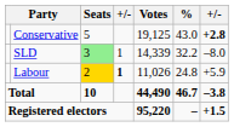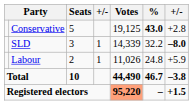 <table class="wikitable sortable">
 <tr>
 <th colspan="2">Party</th>
 <th>Seats</th>
 <th>+/-</th>
 <th>Votes</th>
 <th>%</th>
 <th>+/-</th>
 </tr>
 <tr>
 <td style="background-color: "></td>
 <td><a href='#'>Conservative</a></td>
 <td>5</td>
 <td></td>
 <td style="text-align:right;">19,125</td>
-<td style="text-align:right;">43.0</td>
-<td style="text-align:right;"><strong>+2.8</strong></td>
+<td style="text-align:right;"><strong>43.0</strong></td>
+<td style="text-align:right;">+2.8</td>
 </tr>
 <tr>
 <td style="background-color: "></td>
 <td><a href='#'>SLD</a></td>
-<td style="background: lightgreen;">3</td>
+<td>3</td>
 <td> 1</td>
 <td style="text-align:right;">14,339</td>
 <td style="text-align:right;">32.2</td>
-<td style="text-align:right;">–8.0</td>
+<td style="text-align:right;"><strong>–8.0</strong></td>
 </tr>
 <tr>
 <td style="background-color: "></td>
 <td><a href='#'>Labour</a></td>
-<td style="background: gold;">2</td>
-<td><strong> 1</strong></td>
+<td>2</td>
+<td> 1</td>
 <td style="text-align:right;">11,026</td>
 <td style="text-align:right;">24.8</td>
 <td style="text-align:right;">+5.9</td>
 </tr>
 <tr>
 <td colspan="2"><strong>Total</strong></td>
 <td><strong>10</strong></td>
 <td></td>
 <td style="text-align:right;"><strong>44,490</strong></td>
 <td style="text-align:right;"><strong>46.7</strong></td>
 <td style="text-align:right;"><strong>–3.8</strong></td>
 </tr>
 <tr>
 <td colspan="4"><strong>Registered electors</strong></td>
-<td style="text-align:right;"><strong>95,220</strong></td>
+<td style="background: lightsalmon; text-align:right;"><strong>95,220</strong></td>
 <td style="text-align:right;"><strong>–</strong></td>
 <td style="text-align:right;"><strong>+1.5</strong></td>
 </tr>
 </table>
